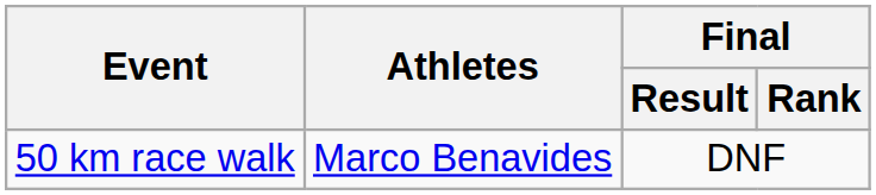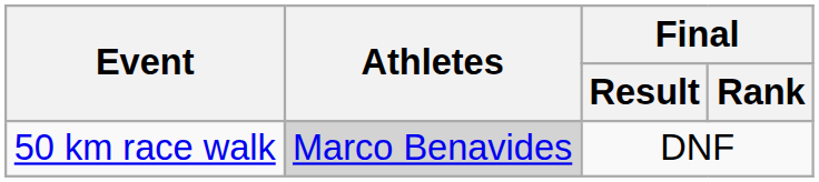 <table class="wikitable" border="1" style="font-size:90%">
 <tr>
 <th rowspan="2">Event</th>
 <th rowspan="2">Athletes</th>
 <th colspan="2">Final</th>
 </tr>
 <tr>
 <th>Result</th>
 <th>Rank</th>
 </tr>
 <tr>
 <td><a href='#'>50 km race walk</a></td>
-<td><a href='#'>Marco Benavides</a></td>
+<td style="background: lightgrey;"><a href='#'>Marco Benavides</a></td>
 <td align=center colspan=2>DNF</td>
 </tr>
 </table>
